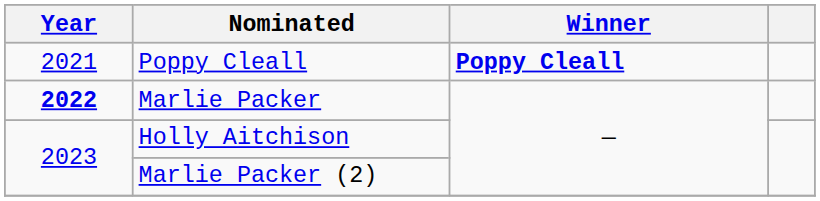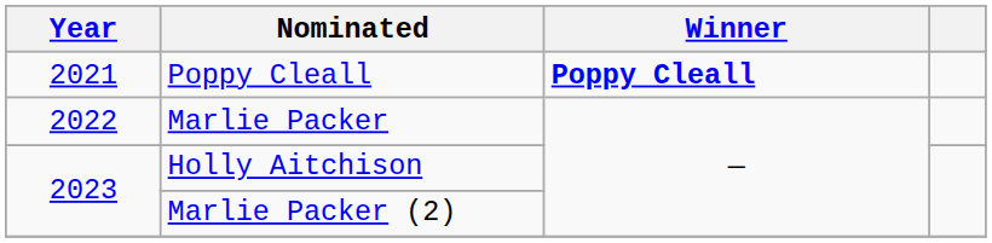 <table class="wikitable sticky-header">
 <tr>
 <th width=65><a href='#'>Year</a></th>
 <th width=170>Nominated</th>
 <th width=170><a href='#'>Winner</a></th>
 <th width=20></th>
 </tr>
 <tr>
 <td align=center><a href='#'>2021</a></td>
 <td> <a href='#'>Poppy Cleall</a></td>
 <td><strong> <a href='#'>Poppy Cleall</a></strong></td>
 <td align=center></td>
 </tr>
 <tr>
-<td align=center><strong><a href='#'>2022</a></strong></td>
+<td align=center><a href='#'>2022</a></td>
 <td> <a href='#'>Marlie Packer</a></td>
 <td align=center rowspan=3>—</td>
 <td align=center></td>
 </tr>
 <tr>
 <td align=center rowspan=2><a href='#'>2023</a></td>
 <td> <a href='#'>Holly Aitchison</a></td>
 <td align=center rowspan=2></td>
 </tr>
 <tr>
 <td> <a href='#'>Marlie Packer</a> (2)</td>
 </tr>
 <tr>
 </tr>
 </table>
